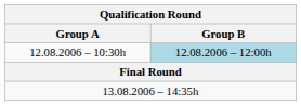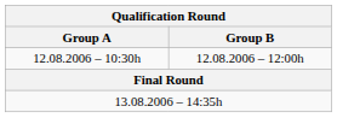 <table class="wikitable" style=" text-align:center; font-size:110%;" width="35%">
 <tr>
 <th colspan="2">Qualification Round</th>
 </tr>
 <tr>
 <th>Group A</th>
 <th>Group B</th>
 </tr>
 <tr>
 <td>12.08.2006 – 10:30h</td>
-<td style="background: lightblue;">12.08.2006 – 12:00h</td>
+<td>12.08.2006 – 12:00h</td>
 </tr>
 <tr>
 <th colspan="2">Final Round</th>
 </tr>
 <tr>
 <td colspan="2">13.08.2006 – 14:35h</td>
 </tr>
 </table>
